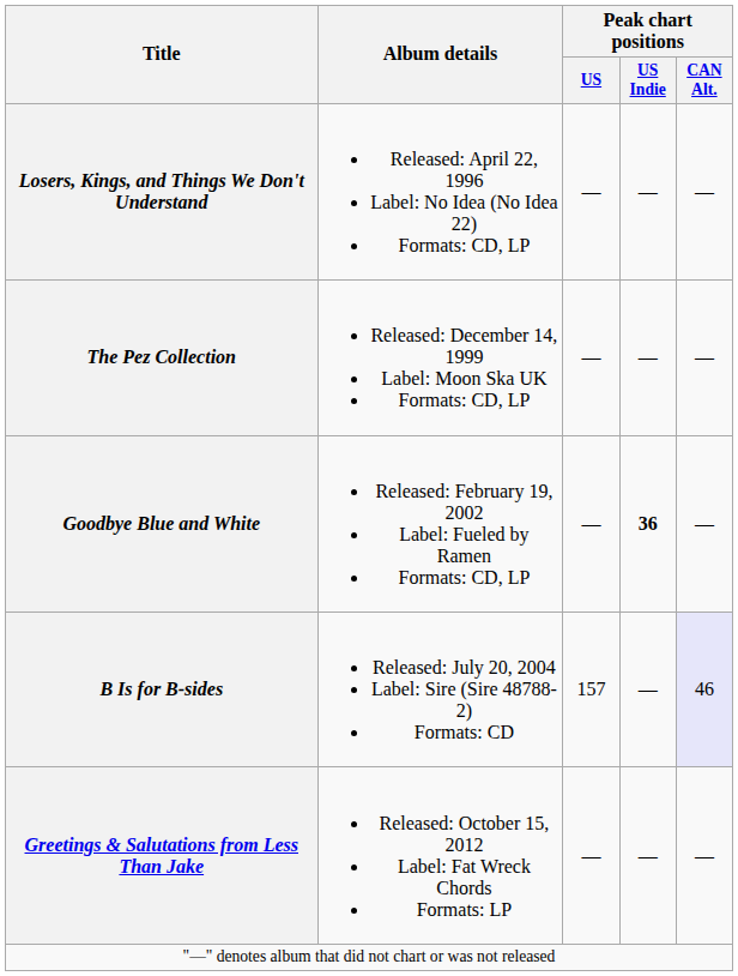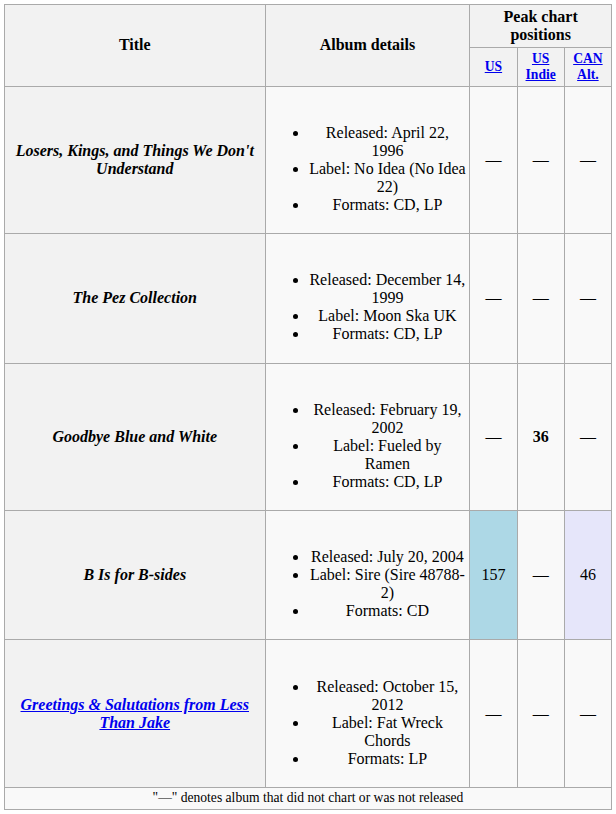 <table class="wikitable plainrowheaders" style="text-align:center;">
 <tr>
 <th scope="col" rowspan="2">Title</th>
 <th scope="col" rowspan="2">Album details</th>
 <th scope="col" colspan="3">Peak chart positions</th>
 </tr>
 <tr>
 <th scope="col" style="width:3em;font-size:85%;"><a href='#'>US</a><br></th>
 <th scope="col" style="width:3em;font-size:85%;"><a href='#'>US<br>Indie</a><br></th>
 <th scope="col" style="width:3em;font-size:85%;"><a href='#'>CAN Alt.</a><br></th>
 </tr>
 <tr>
 <th scope="row"><em>Losers, Kings, and Things We Don't Understand</em></th>
 <td><br><ul><li>Released: April 22, 1996</li><li>Label: No Idea (No Idea 22)</li><li>Formats: CD, LP</li></ul></td>
 <td>—</td>
 <td>—</td>
 <td>—</td>
 </tr>
 <tr>
 <th scope="row"><em>The Pez Collection</em></th>
 <td><br><ul><li>Released: December 14, 1999</li><li>Label: Moon Ska UK</li><li>Formats: CD, LP</li></ul></td>
 <td>—</td>
 <td>—</td>
 <td>—</td>
 </tr>
 <tr>
 <th scope="row"><em>Goodbye Blue and White</em></th>
 <td><br><ul><li>Released: February 19, 2002</li><li>Label: Fueled by Ramen</li><li>Formats: CD, LP</li></ul></td>
 <td>—</td>
 <td><strong>36</strong></td>
 <td>—</td>
 </tr>
 <tr>
 <th scope="row"><em>B Is for B-sides</em></th>
 <td><br><ul><li>Released: July 20, 2004</li><li>Label: Sire (Sire 48788-2)</li><li>Formats: CD</li></ul></td>
-<td>157</td>
+<td style="background: lightblue;">157</td>
 <td>—</td>
 <td style="background: lavender;">46</td>
 </tr>
 <tr>
 <th scope="row"><em><a href='#'>Greetings & Salutations from Less Than Jake</a></em></th>
 <td><br><ul><li>Released: October 15, 2012</li><li>Label: Fat Wreck Chords</li><li>Formats: LP</li></ul></td>
 <td>—</td>
 <td>—</td>
 <td>—</td>
 </tr>
 <tr>
 <td colspan="18" style="text-align:center; font-size:85%;">"—" denotes album that did not chart or was not released</td>
 </tr>
 </table>
